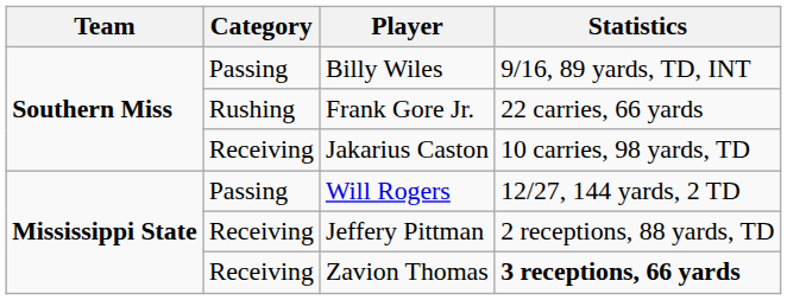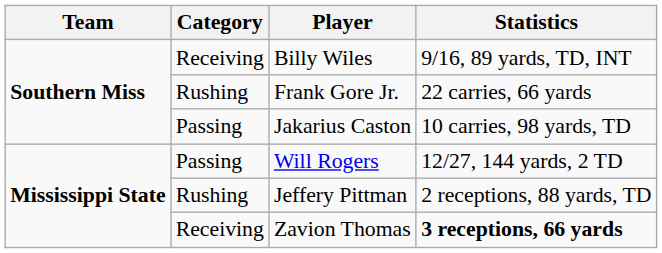 <table class="wikitable" style="float: right;">
 <tr>
 <th>Team</th>
 <th>Category</th>
 <th>Player</th>
 <th>Statistics</th>
 </tr>
 <tr>
 <td rowspan=3><strong>Southern Miss</strong></td>
-<td>Passing</td>
+<td>Receiving</td>
 <td>Billy Wiles</td>
 <td>9/16, 89 yards, TD, INT</td>
 </tr>
 <tr>
 <td>Rushing</td>
 <td>Frank Gore Jr.</td>
 <td>22 carries, 66 yards</td>
 </tr>
 <tr>
-<td>Receiving</td>
+<td>Passing</td>
 <td>Jakarius Caston</td>
 <td>10 carries, 98 yards, TD</td>
 </tr>
 <tr>
 <td rowspan=3><strong>Mississippi State</strong></td>
 <td>Passing</td>
 <td><a href='#'>Will Rogers</a></td>
 <td>12/27, 144 yards, 2 TD</td>
 </tr>
 <tr>
-<td>Receiving</td>
+<td>Rushing</td>
 <td>Jeffery Pittman</td>
 <td>2 receptions, 88 yards, TD</td>
 </tr>
 <tr>
 <td>Receiving</td>
 <td>Zavion Thomas</td>
 <td><strong>3 receptions, 66 yards</strong></td>
 </tr>
 </table>
